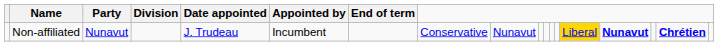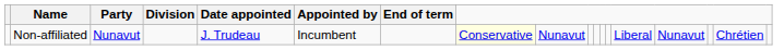 <table class="sortable wikitable">
 <tr>
 <th align=left class="unsortable"></th>
 <th align=left>Name</th>
 <th align=left>Party</th>
 <th align=left>Division</th>
 <th align=left>Date appointed</th>
 <th align=left>Appointed by</th>
 <th align=left>End of term</th>
 </tr>
 <tr>
 <td align=left></td>
 <td>Non-affiliated</td>
 <td align=left><a href='#'>Nunavut</a></td>
 <td align=left></td>
 <td align=left><a href='#'>J. Trudeau</a></td>
 <td align=left>Incumbent<br></td>
 <td align=left></td>
-<td align=left><a href='#'>Conservative</a></td>
+<td align=left style="background: lightyellow;"><a href='#'>Conservative</a></td>
 <td align=left><a href='#'>Nunavut</a></td>
 <td align=left></td>
 <td align=left></td>
 <td align=left><br></td>
 <td align=left></td>
-<td align=left style="background: gold;"><a href='#'>Liberal</a></td>
-<td align=left><strong><a href='#'>Nunavut</a></strong></td>
+<td align=left><a href='#'>Liberal</a></td>
+<td align=left><a href='#'>Nunavut</a></td>
 <td align=left></td>
-<td align=left><strong><a href='#'>Chrétien</a></strong></td>
+<td align=left><a href='#'>Chrétien</a></td>
 <td align=left></td>
 </tr>
 </table>
